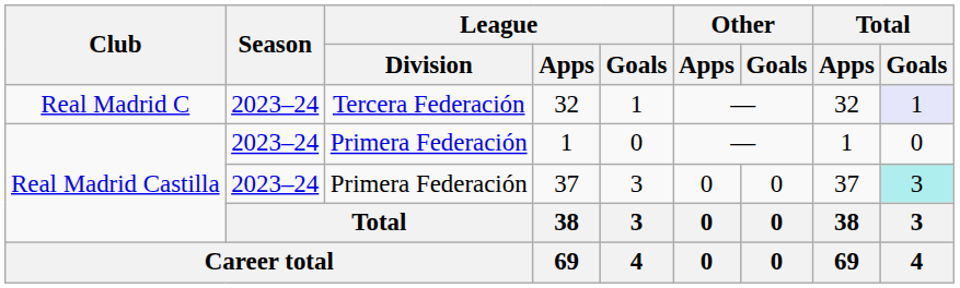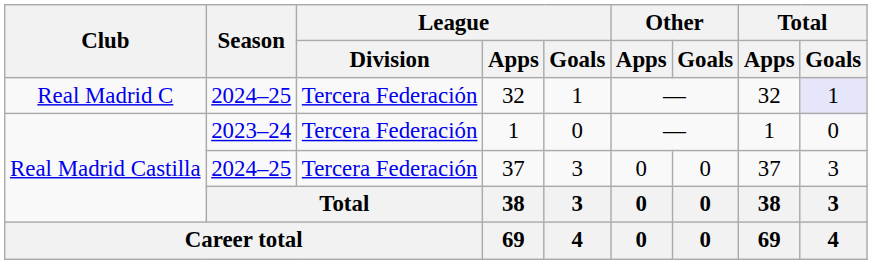 <table class="wikitable" style="text-align:center">
 <tr>
 <th rowspan="2">Club</th>
 <th rowspan="2">Season</th>
 <th colspan="3">League</th>
 <th colspan="2">Other</th>
 <th colspan="2">Total</th>
 </tr>
 <tr>
 <th>Division</th>
 <th>Apps</th>
 <th>Goals</th>
 <th>Apps</th>
 <th>Goals</th>
 <th>Apps</th>
 <th>Goals</th>
 </tr>
 <tr>
 <td><a href='#'>Real Madrid C</a></td>
-<td><a href='#'>2023–24</a></td>
+<td><a href='#'>2024–25</a></td>
 <td><a href='#'>Tercera Federación</a></td>
 <td>32</td>
 <td>1</td>
 <td colspan="2">—</td>
 <td>32</td>
 <td style="background: lavender;">1</td>
 </tr>
 <tr>
 <td rowspan="3"><a href='#'>Real Madrid Castilla</a></td>
 <td><a href='#'>2023–24</a></td>
-<td><a href='#'>Primera Federación</a></td>
+<td><a href='#'>Tercera Federación</a></td>
 <td>1</td>
 <td>0</td>
 <td colspan="2">—</td>
 <td>1</td>
 <td>0</td>
 </tr>
 <tr>
-<td><a href='#'>2023–24</a></td>
-<td>Primera Federación</td>
+<td><a href='#'>2024–25</a></td>
+<td><a href='#'>Tercera Federación</a></td>
 <td>37</td>
 <td>3</td>
 <td>0</td>
 <td>0</td>
 <td>37</td>
-<td style="background: paleturquoise;">3</td>
+<td>3</td>
 </tr>
 <tr>
 <th colspan="2">Total</th>
 <th>38</th>
 <th>3</th>
 <th>0</th>
 <th>0</th>
 <th>38</th>
 <th>3</th>
 </tr>
 <tr>
 <th colspan="3">Career total</th>
 <th>69</th>
 <th>4</th>
 <th>0</th>
 <th>0</th>
 <th>69</th>
 <th>4</th>
 </tr>
 </table>
